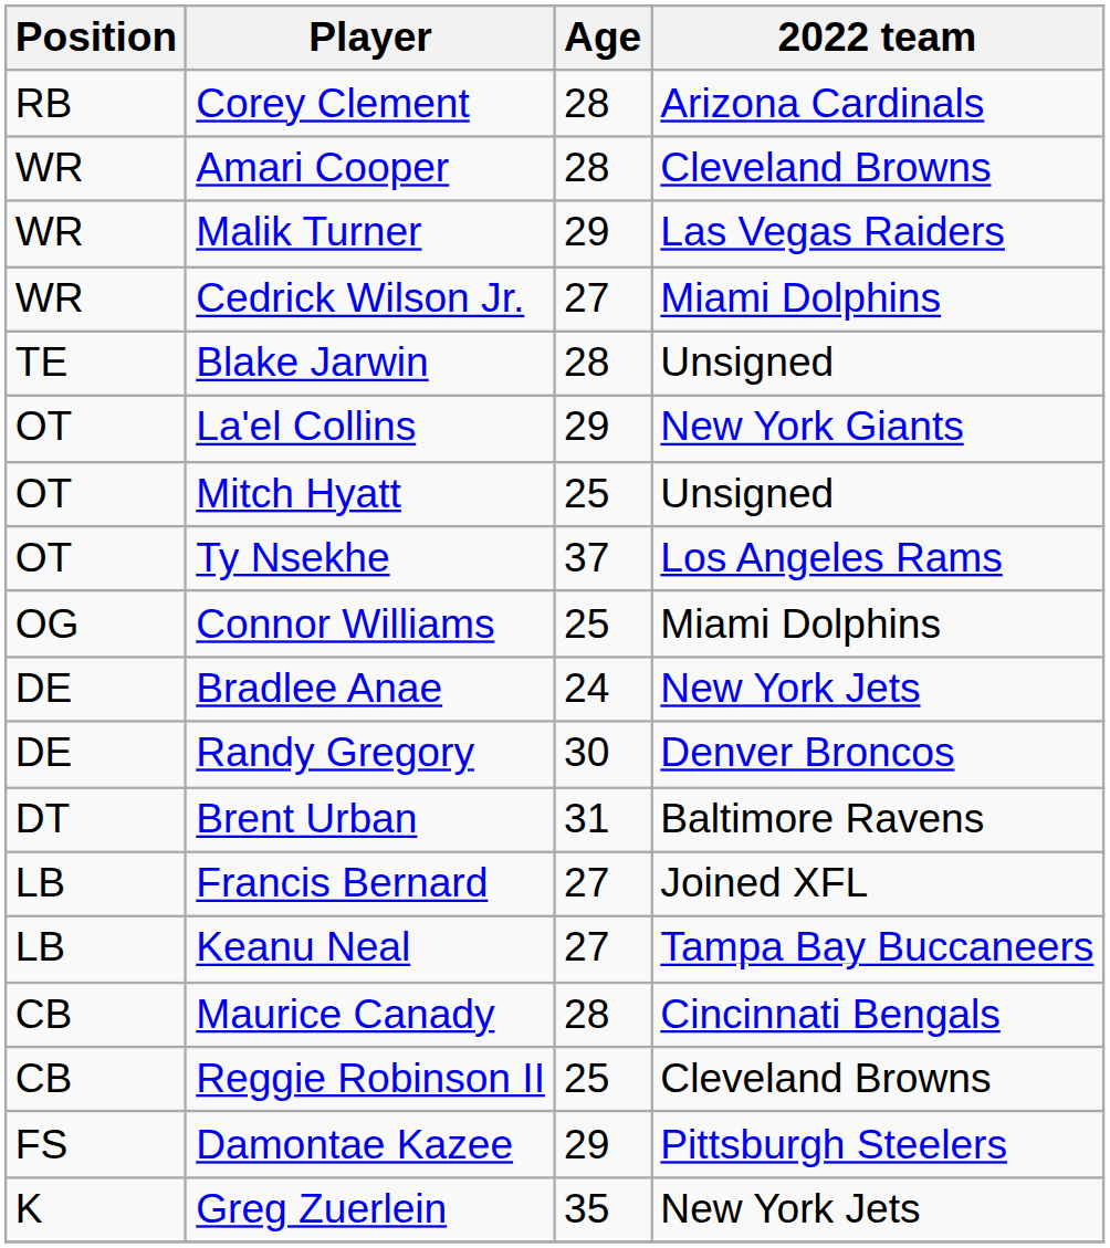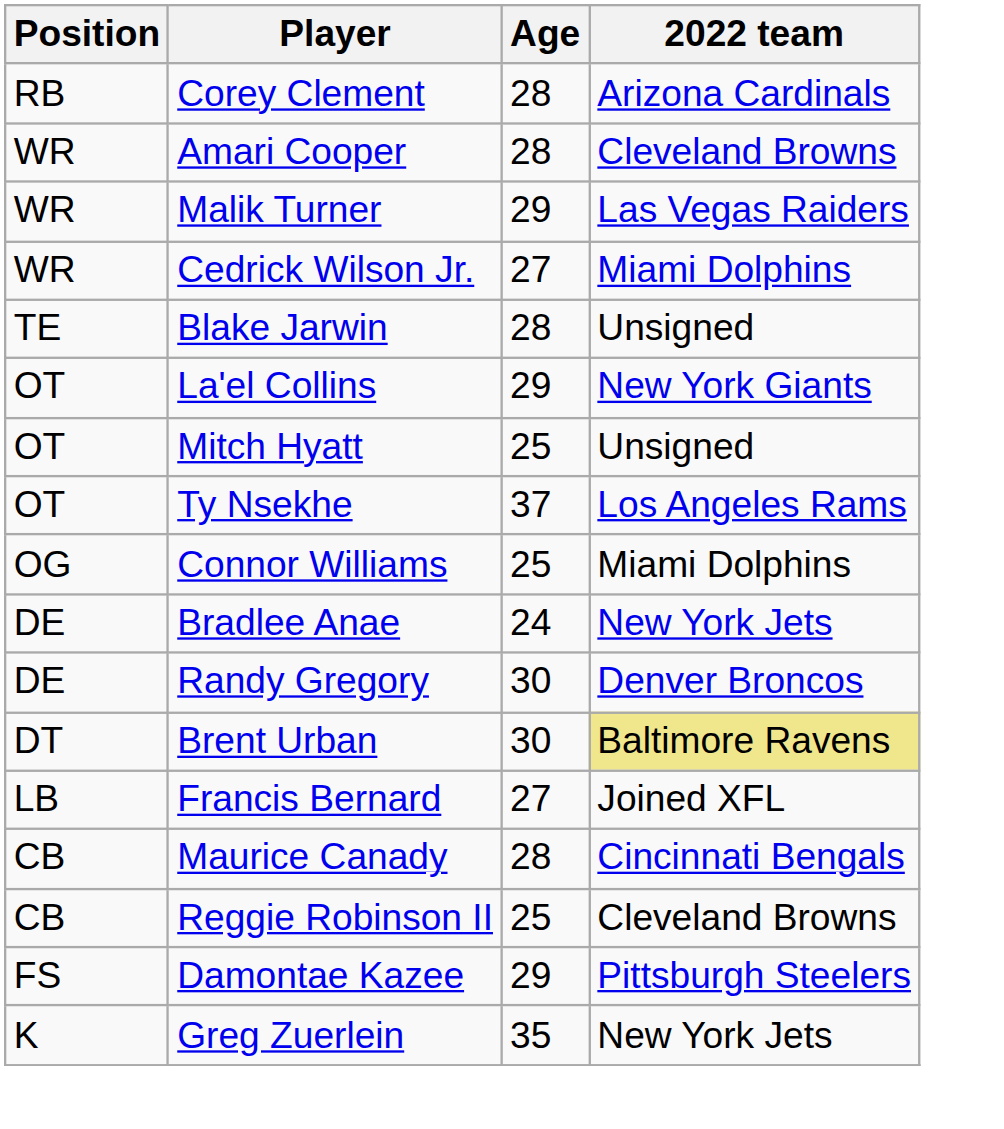 <table class="wikitable">
 <tr>
 <th>Position</th>
 <th>Player</th>
 <th>Age</th>
 <th>2022 team</th>
 </tr>
 <tr>
 <td>RB</td>
 <td><a href='#'>Corey Clement</a></td>
 <td>28</td>
 <td><a href='#'>Arizona Cardinals</a></td>
 </tr>
 <tr>
 <td>WR</td>
 <td><a href='#'>Amari Cooper</a></td>
 <td>28</td>
 <td><a href='#'>Cleveland Browns</a></td>
 </tr>
 <tr>
 <td>WR</td>
 <td><a href='#'>Malik Turner</a></td>
 <td>29</td>
 <td><a href='#'>Las Vegas Raiders</a></td>
 </tr>
 <tr>
 <td>WR</td>
 <td><a href='#'>Cedrick Wilson Jr.</a></td>
 <td>27</td>
 <td><a href='#'>Miami Dolphins</a></td>
 </tr>
 <tr>
 <td>TE</td>
 <td><a href='#'>Blake Jarwin</a></td>
 <td>28</td>
 <td>Unsigned</td>
 </tr>
 <tr>
 <td>OT</td>
 <td><a href='#'>La'el Collins</a></td>
 <td>29</td>
 <td><a href='#'>New York Giants</a></td>
 </tr>
 <tr>
 <td>OT</td>
 <td><a href='#'>Mitch Hyatt</a></td>
 <td>25</td>
 <td>Unsigned</td>
 </tr>
 <tr>
 <td>OT</td>
 <td><a href='#'>Ty Nsekhe</a></td>
 <td>37</td>
 <td><a href='#'>Los Angeles Rams</a></td>
 </tr>
 <tr>
 <td>OG</td>
 <td><a href='#'>Connor Williams</a></td>
 <td>25</td>
 <td>Miami Dolphins</td>
 </tr>
 <tr>
 <td>DE</td>
 <td><a href='#'>Bradlee Anae</a></td>
 <td>24</td>
 <td><a href='#'>New York Jets</a></td>
 </tr>
 <tr>
 <td>DE</td>
 <td><a href='#'>Randy Gregory</a></td>
 <td>30</td>
 <td><a href='#'>Denver Broncos</a></td>
 </tr>
 <tr>
 <td>DT</td>
 <td><a href='#'>Brent Urban</a></td>
-<td>31</td>
-<td>Baltimore Ravens</td>
+<td>30</td>
+<td style="background: khaki;">Baltimore Ravens</td>
 </tr>
 <tr>
 <td>LB</td>
 <td><a href='#'>Francis Bernard</a></td>
 <td>27</td>
 <td>Joined XFL</td>
-</tr>
-<tr>
-<td>LB</td>
-<td><a href='#'>Keanu Neal</a></td>
-<td>27</td>
-<td><a href='#'>Tampa Bay Buccaneers</a></td>
 </tr>
 <tr>
 <td>CB</td>
 <td><a href='#'>Maurice Canady</a></td>
 <td>28</td>
 <td><a href='#'>Cincinnati Bengals</a></td>
 </tr>
 <tr>
 <td>CB</td>
 <td><a href='#'>Reggie Robinson II</a></td>
 <td>25</td>
 <td>Cleveland Browns</td>
 </tr>
 <tr>
 <td>FS</td>
 <td><a href='#'>Damontae Kazee</a></td>
 <td>29</td>
 <td><a href='#'>Pittsburgh Steelers</a></td>
 </tr>
 <tr>
 <td>K</td>
 <td><a href='#'>Greg Zuerlein</a></td>
 <td>35</td>
 <td>New York Jets</td>
 </tr>
 <tr>
 </tr>
 </table>
